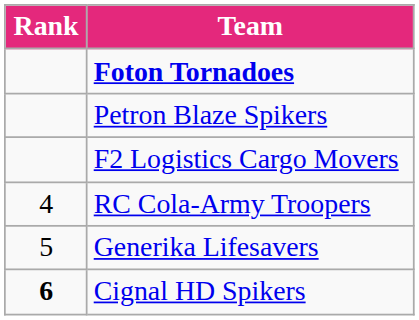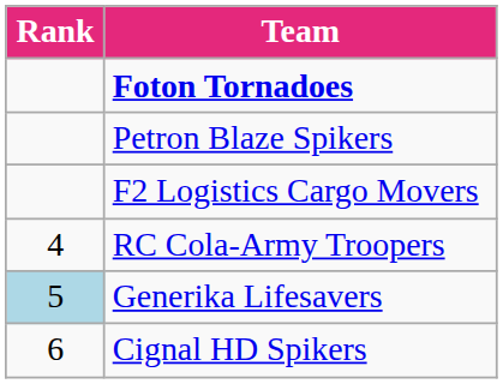 <table class="wikitable" style="text-align: center;">
 <tr>
 <th style="width:40px; background:#e4287c; color:#fff;">Rank</th>
 <th style="width:180px; background:#e4287c; color:#fff;">Team</th>
 </tr>
 <tr>
 <td></td>
 <td style="text-align:left;"><strong><a href='#'>Foton Tornadoes</a></strong></td>
 </tr>
 <tr>
 <td></td>
 <td style="text-align:left;"><a href='#'>Petron Blaze Spikers</a></td>
 </tr>
 <tr>
 <td></td>
 <td style="text-align:left;"><a href='#'>F2 Logistics Cargo Movers</a></td>
 </tr>
 <tr>
 <td>4</td>
 <td style="text-align:left;"><a href='#'>RC Cola-Army Troopers</a></td>
 </tr>
 <tr>
-<td>5</td>
+<td style="background: lightblue;">5</td>
 <td style="text-align:left;"><a href='#'>Generika Lifesavers</a></td>
 </tr>
 <tr>
-<td><strong>6</strong></td>
+<td>6</td>
 <td style="text-align:left;"><a href='#'>Cignal HD Spikers</a></td>
 </tr>
 </table>
